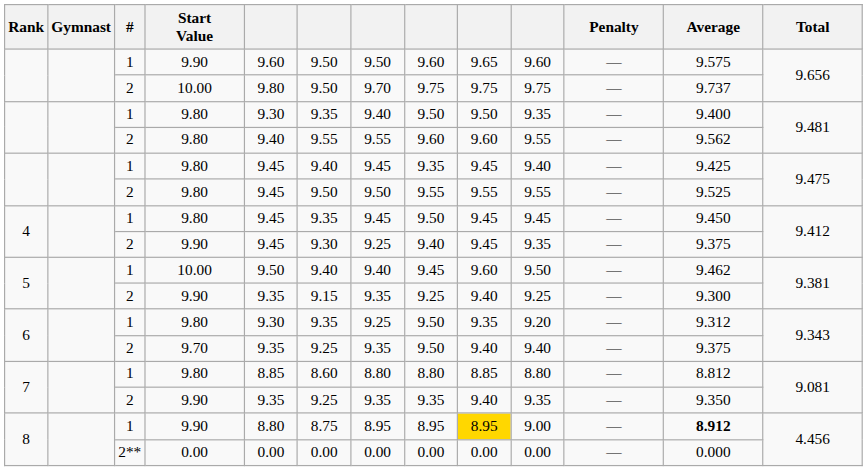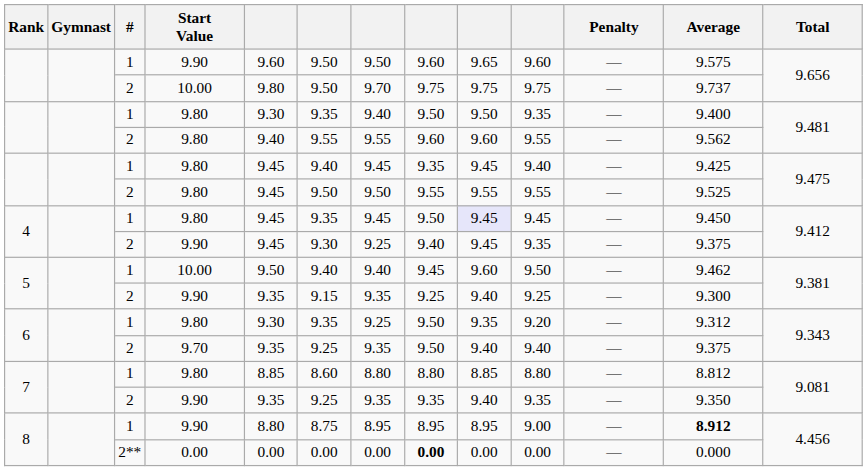 <table class="wikitable" style="text-align:center; font-size:82%;">
 <tr>
 <th>Rank</th>
 <th>Gymnast</th>
 <th>#</th>
 <th style="width:6em">Start<br>Value</th>
 <th style="vertical-align:bottom; width:3em"></th>
 <th style="vertical-align:bottom; width:3em"></th>
 <th style="vertical-align:bottom; width:3em"></th>
 <th style="vertical-align:bottom; width:3em"></th>
 <th style="vertical-align:bottom; width:3em"></th>
 <th style="vertical-align:bottom; width:3em"></th>
 <th style="width:6em">Penalty</th>
 <th style="width:6em">Average</th>
 <th style="width:6em">Total</th>
 </tr>
 <tr>
 <td rowspan=2></td>
 <td rowspan=2 align=left></td>
 <td>1</td>
 <td>9.90</td>
 <td>9.60</td>
 <td>9.50</td>
 <td>9.50</td>
 <td>9.60</td>
 <td>9.65</td>
 <td>9.60</td>
 <td>—</td>
 <td>9.575</td>
 <td rowspan=2>9.656</td>
 </tr>
 <tr>
 <td>2</td>
 <td>10.00</td>
 <td>9.80</td>
 <td>9.50</td>
 <td>9.70</td>
 <td>9.75</td>
 <td>9.75</td>
 <td>9.75</td>
 <td>—</td>
 <td>9.737</td>
 </tr>
 <tr>
 <td rowspan=2></td>
 <td rowspan=2 align=left></td>
 <td>1</td>
 <td>9.80</td>
 <td>9.30</td>
 <td>9.35</td>
 <td>9.40</td>
 <td>9.50</td>
 <td>9.50</td>
 <td>9.35</td>
 <td>—</td>
 <td>9.400</td>
 <td rowspan=2>9.481</td>
 </tr>
 <tr>
 <td>2</td>
 <td>9.80</td>
 <td>9.40</td>
 <td>9.55</td>
 <td>9.55</td>
 <td>9.60</td>
 <td>9.60</td>
 <td>9.55</td>
 <td>—</td>
 <td>9.562</td>
 </tr>
 <tr>
 <td rowspan=2></td>
 <td rowspan=2 align=left></td>
 <td>1</td>
 <td>9.80</td>
 <td>9.45</td>
 <td>9.40</td>
 <td>9.45</td>
 <td>9.35</td>
 <td>9.45</td>
 <td>9.40</td>
 <td>—</td>
 <td>9.425</td>
 <td rowspan=2>9.475</td>
 </tr>
 <tr>
 <td>2</td>
 <td>9.80</td>
 <td>9.45</td>
 <td>9.50</td>
 <td>9.50</td>
 <td>9.55</td>
 <td>9.55</td>
 <td>9.55</td>
 <td>—</td>
 <td>9.525</td>
 </tr>
 <tr>
 <td rowspan=2>4</td>
 <td rowspan=2 align=left></td>
 <td>1</td>
 <td>9.80</td>
 <td>9.45</td>
 <td>9.35</td>
 <td>9.45</td>
 <td>9.50</td>
-<td>9.45</td>
+<td style="background: lavender;">9.45</td>
 <td>9.45</td>
 <td>—</td>
 <td>9.450</td>
 <td rowspan=2>9.412</td>
 </tr>
 <tr>
 <td>2</td>
 <td>9.90</td>
 <td>9.45</td>
 <td>9.30</td>
 <td>9.25</td>
 <td>9.40</td>
 <td>9.45</td>
 <td>9.35</td>
 <td>—</td>
 <td>9.375</td>
 </tr>
 <tr>
 <td rowspan=2>5</td>
 <td rowspan=2 align=left></td>
 <td>1</td>
 <td>10.00</td>
 <td>9.50</td>
 <td>9.40</td>
 <td>9.40</td>
 <td>9.45</td>
 <td>9.60</td>
 <td>9.50</td>
 <td>—</td>
 <td>9.462</td>
 <td rowspan=2>9.381</td>
 </tr>
 <tr>
 <td>2</td>
 <td>9.90</td>
 <td>9.35</td>
 <td>9.15</td>
 <td>9.35</td>
 <td>9.25</td>
 <td>9.40</td>
 <td>9.25</td>
 <td>—</td>
 <td>9.300</td>
 </tr>
 <tr>
 <td rowspan=2>6</td>
 <td rowspan=2 align=left></td>
 <td>1</td>
 <td>9.80</td>
 <td>9.30</td>
 <td>9.35</td>
 <td>9.25</td>
 <td>9.50</td>
 <td>9.35</td>
 <td>9.20</td>
 <td>—</td>
 <td>9.312</td>
 <td rowspan=2>9.343</td>
 </tr>
 <tr>
 <td>2</td>
 <td>9.70</td>
 <td>9.35</td>
 <td>9.25</td>
 <td>9.35</td>
 <td>9.50</td>
 <td>9.40</td>
 <td>9.40</td>
 <td>—</td>
 <td>9.375</td>
 </tr>
 <tr>
 <td rowspan=2>7</td>
 <td rowspan=2 align=left></td>
 <td>1</td>
 <td>9.80</td>
 <td>8.85</td>
 <td>8.60</td>
 <td>8.80</td>
 <td>8.80</td>
 <td>8.85</td>
 <td>8.80</td>
 <td>—</td>
 <td>8.812</td>
 <td rowspan=2>9.081</td>
 </tr>
 <tr>
 <td>2</td>
 <td>9.90</td>
 <td>9.35</td>
 <td>9.25</td>
 <td>9.35</td>
 <td>9.35</td>
 <td>9.40</td>
 <td>9.35</td>
 <td>—</td>
 <td>9.350</td>
 </tr>
 <tr>
 <td rowspan=2>8</td>
 <td rowspan=2 align=left></td>
 <td>1</td>
 <td>9.90</td>
 <td>8.80</td>
 <td>8.75</td>
 <td>8.95</td>
 <td>8.95</td>
-<td style="background: gold;">8.95</td>
+<td>8.95</td>
 <td>9.00</td>
 <td>—</td>
 <td><strong>8.912</strong></td>
 <td rowspan=2>4.456</td>
 </tr>
 <tr>
 <td>2**</td>
 <td>0.00</td>
 <td>0.00</td>
 <td>0.00</td>
 <td>0.00</td>
-<td>0.00</td>
+<td><strong>0.00</strong></td>
 <td>0.00</td>
 <td>0.00</td>
 <td>—</td>
 <td>0.000</td>
 </tr>
 </table>
